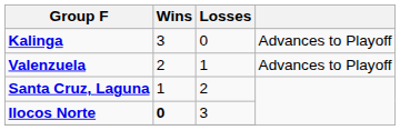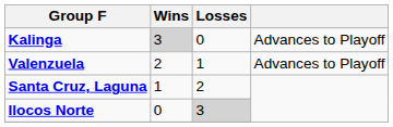 <table class="wikitable">
 <tr align=center>
 <th>Group F</th>
 <th>Wins</th>
 <th>Losses</th>
 <th></th>
 </tr>
 <tr>
 <td><strong><a href='#'>Kalinga</a></strong></td>
-<td>3</td>
+<td style="background: lightgrey;">3</td>
 <td>0</td>
 <td>Advances to Playoff</td>
 </tr>
 <tr>
 <td><strong><a href='#'>Valenzuela</a></strong></td>
 <td>2</td>
 <td>1</td>
 <td>Advances to Playoff</td>
 </tr>
 <tr>
 <td><strong><a href='#'>Santa Cruz, Laguna</a></strong></td>
 <td>1</td>
 <td>2</td>
 </tr>
 <tr>
 <td><strong><a href='#'>Ilocos Norte</a></strong></td>
-<td><strong>0</strong></td>
-<td>3</td>
+<td>0</td>
+<td style="background: lightgrey;">3</td>
 </tr>
 <tr>
 </tr>
 </table>
